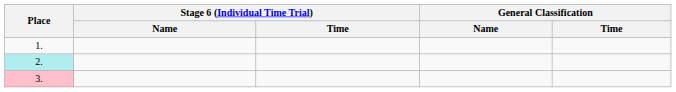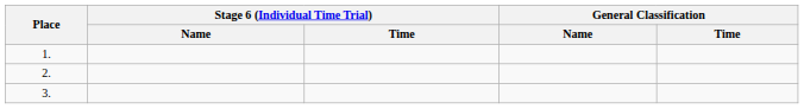 <table class="wikitable"  style="font-size:95%; width:80%;">
 <tr>
 <th rowspan="2">Place</th>
 <th colspan="2">Stage 6 (<a href='#'>Individual Time Trial</a>)</th>
 <th colspan="2">General Classification</th>
 </tr>
 <tr>
 <th>Name</th>
 <th>Time</th>
 <th>Name</th>
 <th>Time</th>
 </tr>
 <tr>
 <td style="text-align:center;">1.</td>
 <td></td>
 <td></td>
 <td></td>
 <td></td>
 </tr>
 <tr>
-<td style="background: paleturquoise; text-align:center;">2.</td>
+<td style="text-align:center;">2.</td>
 <td></td>
 <td></td>
 <td></td>
 <td></td>
 </tr>
 <tr>
-<td style="background: pink; text-align:center;">3.</td>
+<td style="text-align:center;">3.</td>
 <td></td>
 <td></td>
 <td></td>
 <td></td>
 </tr>
 </table>
